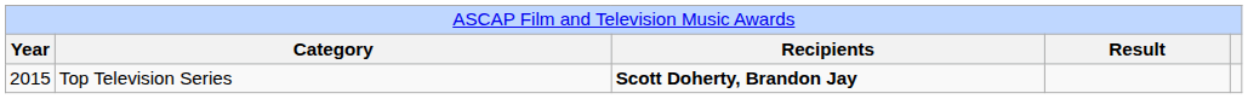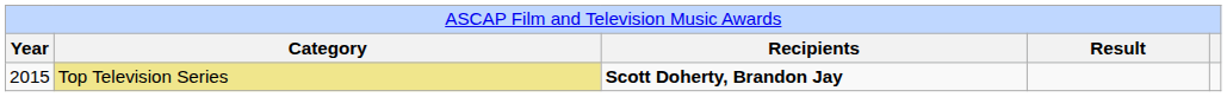 <table class="wikitable plainrowheaders" style="font-size: 100%; width:85%">
 <tr>
 </tr>
 <tr ---- bgcolor="#bfd7ff">
 <td colspan=6 align=center><a href='#'>ASCAP Film and Television Music Awards</a></td>
 </tr>
 <tr ---- bgcolor="#ebf5ff">
 <th scope="col" style="width:2%;">Year</th>
 <th scope="col" style="width:45%;">Category</th>
 <th scope="col" style="width:35%;">Recipients</th>
 <th scope="col" style="width:15%;">Result</th>
 <th scope="col" class="unsortable" style="width:1%;"></th>
 </tr>
 <tr>
 <td style="text-align:center;">2015</td>
-<td>Top Television Series</td>
+<td style="background: khaki;">Top Television Series</td>
 <td><strong>Scott Doherty, Brandon Jay</strong></td>
 <td></td>
 <td style="text-align:center;"></td>
 </tr>
 </table>
